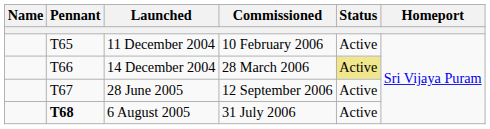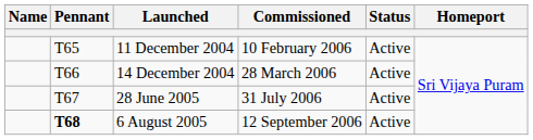 <table class="wikitable">
 <tr>
 <th>Name</th>
 <th>Pennant</th>
 <th>Launched</th>
 <th>Commissioned</th>
 <th>Status</th>
 <th>Homeport</th>
 </tr>
 <tr>
 <th colspan=6></th>
 </tr>
 <tr>
 <td></td>
 <td>T65</td>
 <td>11 December 2004</td>
 <td>10 February 2006</td>
 <td>Active</td>
 <td rowspan="4"><a href='#'>Sri Vijaya Puram</a></td>
 </tr>
 <tr>
 <td></td>
 <td>T66</td>
 <td>14 December 2004</td>
 <td>28 March 2006</td>
-<td style="background: khaki;">Active</td>
+<td>Active</td>
 </tr>
 <tr>
 <td></td>
 <td>T67</td>
 <td>28 June 2005</td>
-<td>12 September 2006</td>
+<td>31 July 2006</td>
 <td>Active</td>
 </tr>
 <tr>
 <td></td>
 <td><strong>T68</strong></td>
 <td>6 August 2005</td>
-<td>31 July 2006</td>
+<td>12 September 2006</td>
 <td>Active</td>
 </tr>
 </table>
